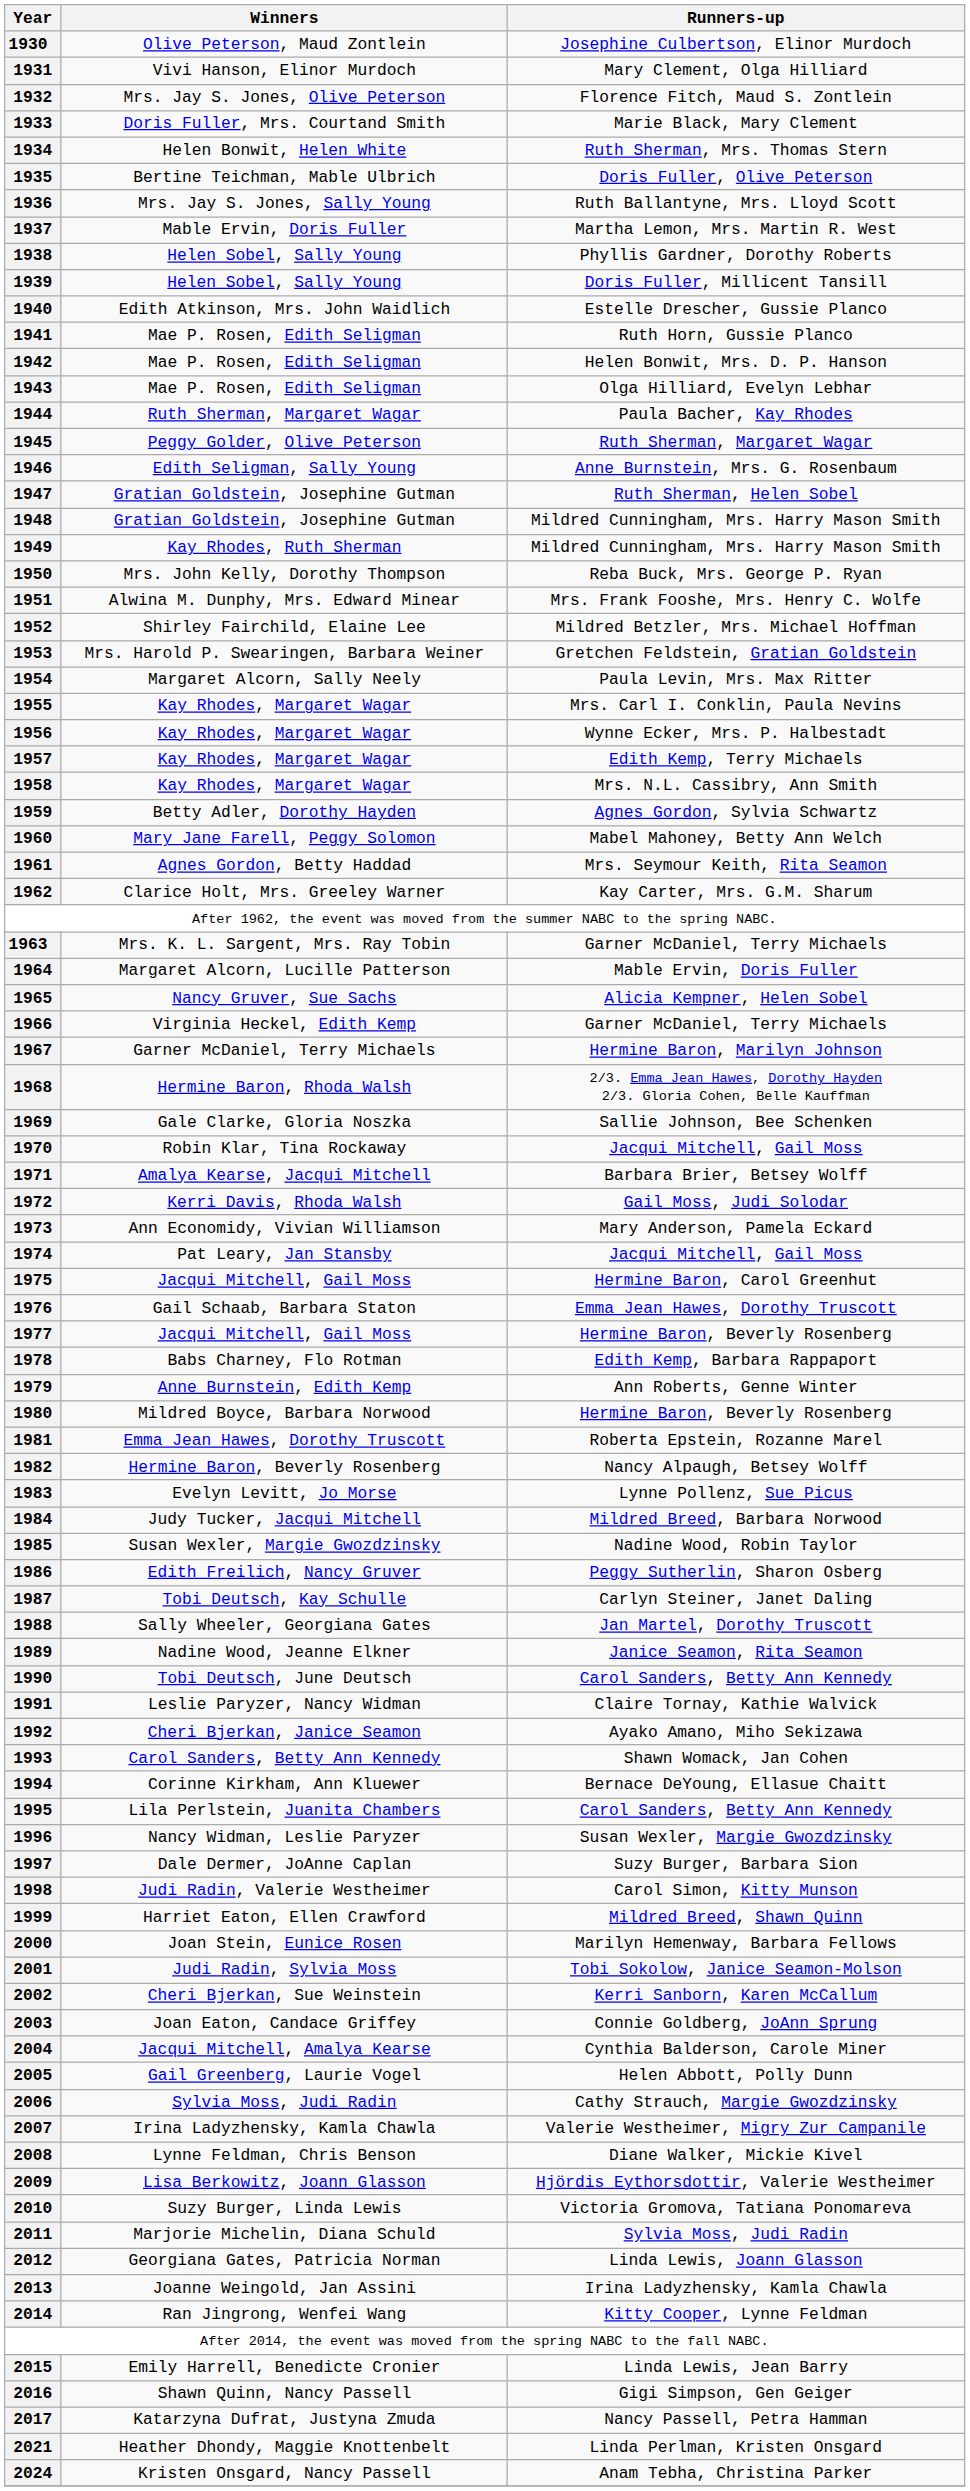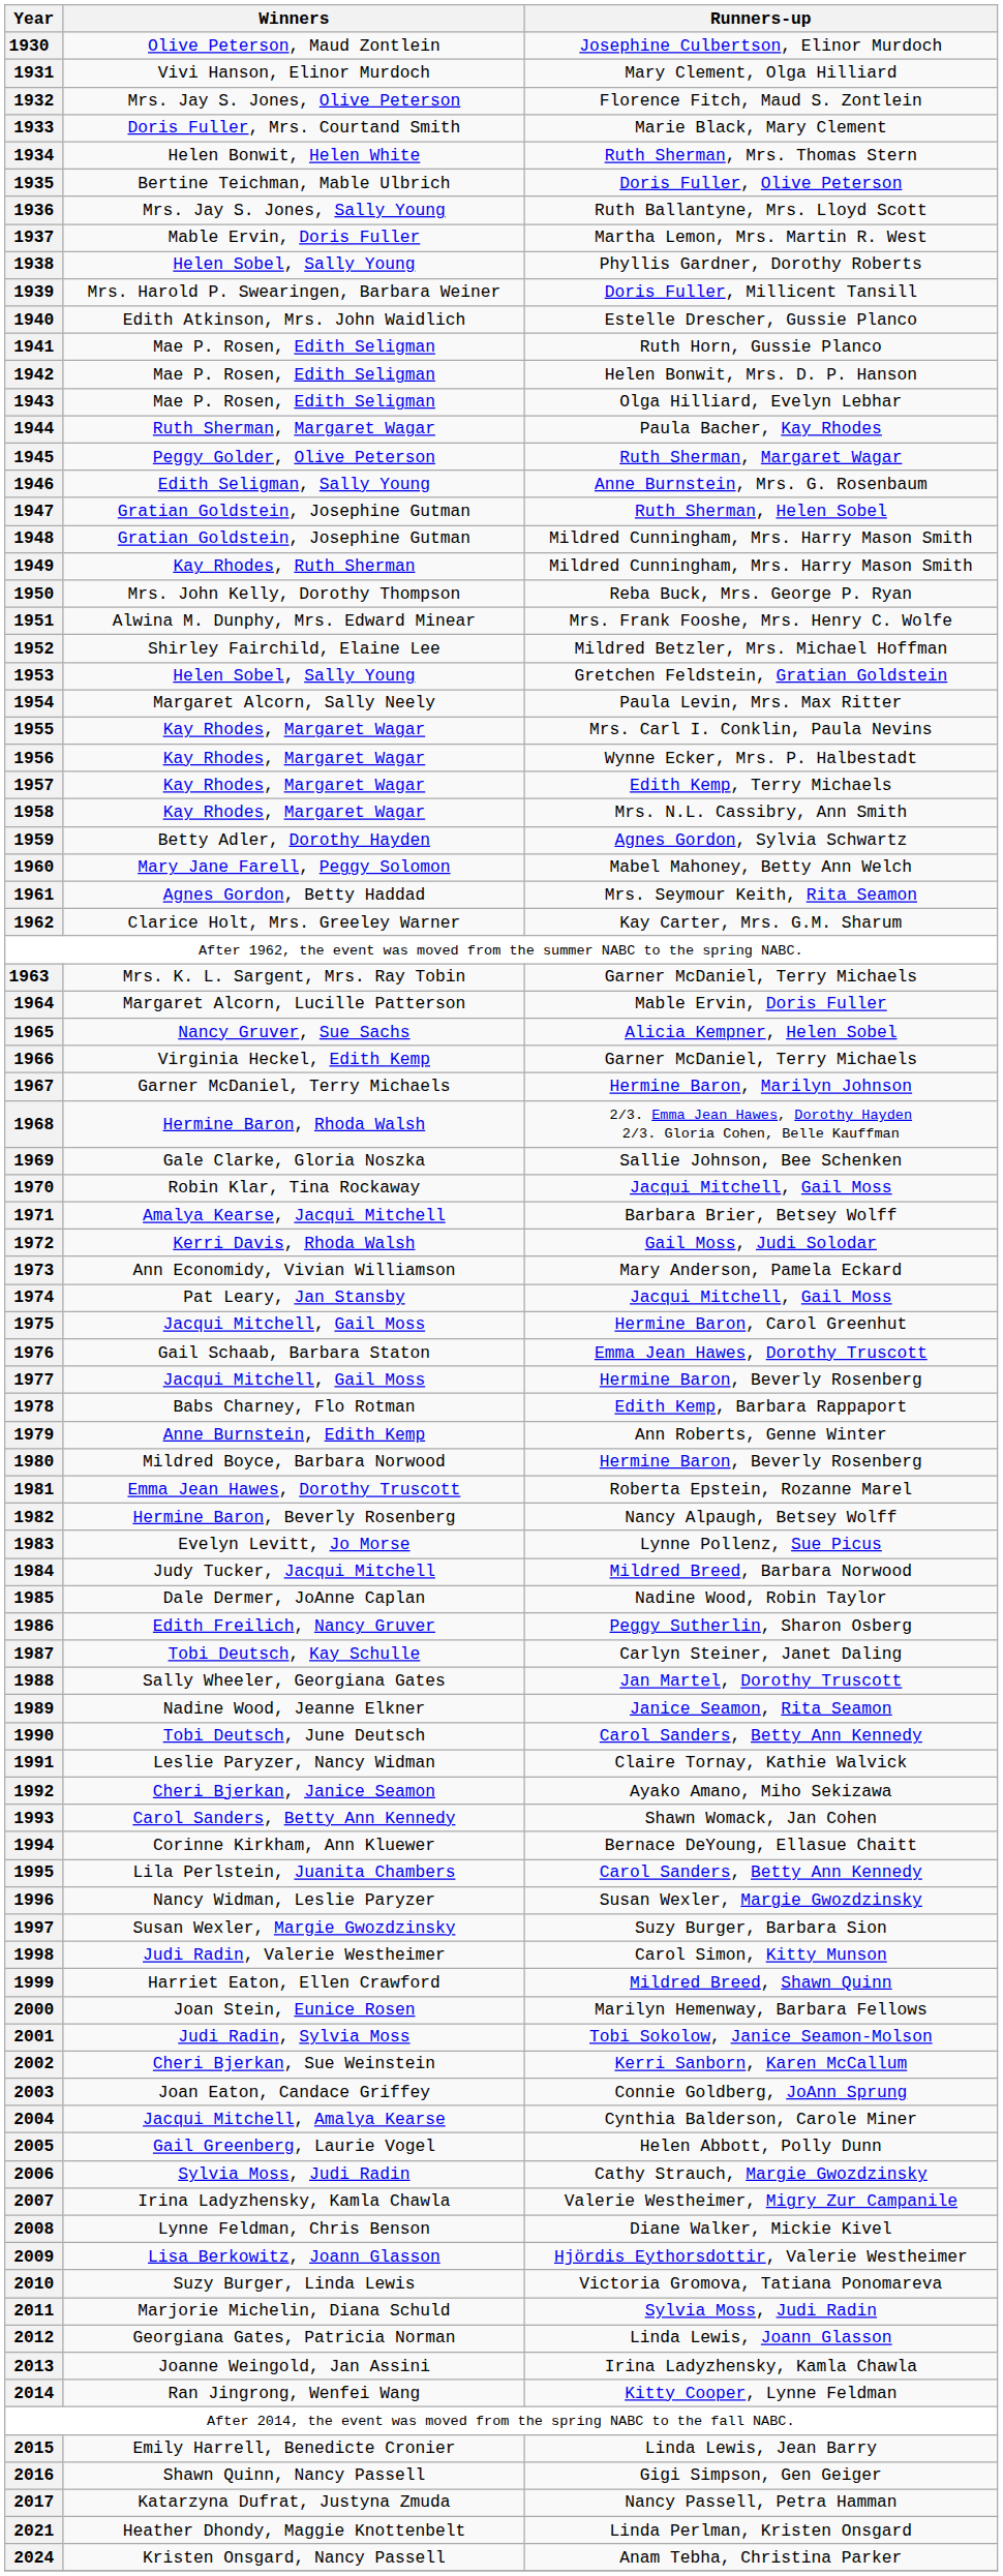 <table class="sortable wikitable" style="text-align:center">
 <tr>
 <th>Year</th>
 <th>Winners</th>
 <th>Runners-up</th>
 </tr>
 <tr>
 <th>1930 </th>
 <td><a href='#'>Olive Peterson</a>, Maud Zontlein</td>
 <td><a href='#'>Josephine Culbertson</a>, Elinor Murdoch</td>
 </tr>
 <tr>
 <th>1931</th>
 <td>Vivi Hanson, Elinor Murdoch</td>
 <td>Mary Clement, Olga Hilliard</td>
 </tr>
 <tr>
 <th>1932</th>
 <td>Mrs. Jay S. Jones, <a href='#'>Olive Peterson</a></td>
 <td>Florence Fitch, Maud S. Zontlein</td>
 </tr>
 <tr>
 <th>1933</th>
 <td><a href='#'>Doris Fuller</a>, Mrs. Courtand Smith</td>
 <td>Marie Black, Mary Clement</td>
 </tr>
 <tr>
 <th>1934</th>
 <td>Helen Bonwit, <a href='#'>Helen White</a></td>
 <td><a href='#'>Ruth Sherman</a>, Mrs. Thomas Stern</td>
 </tr>
 <tr>
 <th>1935</th>
 <td>Bertine Teichman, Mable Ulbrich</td>
 <td><a href='#'>Doris Fuller</a>, <a href='#'>Olive Peterson</a></td>
 </tr>
 <tr>
 <th>1936</th>
 <td>Mrs. Jay S. Jones, <a href='#'>Sally Young</a></td>
 <td>Ruth Ballantyne, Mrs. Lloyd Scott</td>
 </tr>
 <tr>
 <th>1937</th>
 <td>Mable Ervin, <a href='#'>Doris Fuller</a></td>
 <td>Martha Lemon, Mrs. Martin R. West</td>
 </tr>
 <tr>
 <th>1938</th>
 <td><a href='#'>Helen Sobel</a>, <a href='#'>Sally Young</a></td>
 <td>Phyllis Gardner, Dorothy Roberts</td>
 </tr>
 <tr>
 <th>1939</th>
-<td><a href='#'>Helen Sobel</a>, <a href='#'>Sally Young</a></td>
+<td>  Mrs. Harold P. Swearingen, Barbara Weiner  </td>
 <td><a href='#'>Doris Fuller</a>, Millicent Tansill</td>
 </tr>
 <tr>
 <th>1940</th>
 <td>Edith Atkinson, Mrs. John Waidlich</td>
 <td>Estelle Drescher, Gussie Planco</td>
 </tr>
 <tr>
 <th>1941</th>
 <td>Mae P. Rosen, <a href='#'>Edith Seligman</a></td>
 <td>Ruth Horn, Gussie Planco</td>
 </tr>
 <tr>
 <th>1942</th>
 <td>Mae P. Rosen, <a href='#'>Edith Seligman</a></td>
 <td>Helen Bonwit, Mrs. D. P. Hanson</td>
 </tr>
 <tr>
 <th>1943</th>
 <td>Mae P. Rosen, <a href='#'>Edith Seligman</a></td>
 <td>Olga Hilliard, Evelyn Lebhar</td>
 </tr>
 <tr>
 <th>1944</th>
 <td><a href='#'>Ruth Sherman</a>, <a href='#'>Margaret Wagar</a></td>
 <td>Paula Bacher, <a href='#'>Kay Rhodes</a></td>
 </tr>
 <tr>
 <th>1945</th>
 <td><a href='#'>Peggy Golder</a>, <a href='#'>Olive Peterson</a></td>
 <td><a href='#'>Ruth Sherman</a>, <a href='#'>Margaret Wagar</a></td>
 </tr>
 <tr>
 <th>1946</th>
 <td><a href='#'>Edith Seligman</a>, <a href='#'>Sally Young</a></td>
 <td><a href='#'>Anne Burnstein</a>, Mrs. G. Rosenbaum</td>
 </tr>
 <tr>
 <th>1947</th>
 <td><a href='#'>Gratian Goldstein</a>, Josephine Gutman</td>
 <td><a href='#'>Ruth Sherman</a>, <a href='#'>Helen Sobel</a></td>
 </tr>
 <tr>
 <th>1948</th>
 <td><a href='#'>Gratian Goldstein</a>, Josephine Gutman</td>
 <td>Mildred Cunningham, Mrs. Harry Mason Smith</td>
 </tr>
 <tr>
 <th>1949</th>
 <td><a href='#'>Kay Rhodes</a>, <a href='#'>Ruth Sherman</a></td>
 <td>  Mildred Cunningham, Mrs. Harry Mason Smith  </td>
 </tr>
 <tr>
 <th>1950</th>
 <td>Mrs. John Kelly, Dorothy Thompson</td>
 <td>Reba Buck, Mrs. George P. Ryan</td>
 </tr>
 <tr>
 <th>1951</th>
 <td>Alwina M. Dunphy, Mrs. Edward Minear</td>
 <td>Mrs. Frank Fooshe, Mrs. Henry C. Wolfe</td>
 </tr>
 <tr>
 <th>1952</th>
 <td>Shirley Fairchild, Elaine Lee</td>
 <td>Mildred Betzler, Mrs. Michael Hoffman</td>
 </tr>
 <tr>
 <th>1953</th>
-<td>  Mrs. Harold P. Swearingen, Barbara Weiner  </td>
+<td><a href='#'>Helen Sobel</a>, <a href='#'>Sally Young</a></td>
 <td>Gretchen Feldstein, <a href='#'>Gratian Goldstein</a></td>
 </tr>
 <tr>
 <th>1954</th>
 <td>Margaret Alcorn, Sally Neely</td>
 <td>Paula Levin, Mrs. Max Ritter</td>
 </tr>
 <tr>
 <th>1955</th>
 <td><a href='#'>Kay Rhodes</a>, <a href='#'>Margaret Wagar</a></td>
 <td>Mrs. Carl I. Conklin, Paula Nevins</td>
 </tr>
 <tr>
 <th>1956</th>
 <td><a href='#'>Kay Rhodes</a>, <a href='#'>Margaret Wagar</a></td>
 <td>Wynne Ecker, Mrs. P. Halbestadt</td>
 </tr>
 <tr>
 <th>1957</th>
 <td><a href='#'>Kay Rhodes</a>, <a href='#'>Margaret Wagar</a></td>
 <td><a href='#'>Edith Kemp</a>, Terry Michaels</td>
 </tr>
 <tr>
 <th>1958</th>
 <td><a href='#'>Kay Rhodes</a>, <a href='#'>Margaret Wagar</a></td>
 <td>Mrs. N.L. Cassibry, Ann Smith</td>
 </tr>
 <tr>
 <th>1959</th>
 <td>Betty Adler, <a href='#'>Dorothy Hayden</a></td>
 <td><a href='#'>Agnes Gordon</a>, Sylvia Schwartz</td>
 </tr>
 <tr>
 <th>1960</th>
 <td><a href='#'>Mary Jane Farell</a>, <a href='#'>Peggy Solomon</a></td>
 <td>Mabel Mahoney, Betty Ann Welch</td>
 </tr>
 <tr>
 <th>1961</th>
 <td><a href='#'>Agnes Gordon</a>, Betty Haddad</td>
 <td>Mrs. Seymour Keith, <a href='#'>Rita Seamon</a></td>
 </tr>
 <tr>
 <th>1962</th>
 <td>Clarice Holt, Mrs. Greeley Warner</td>
 <td>Kay Carter, Mrs. G.M. Sharum</td>
 </tr>
 <tr>
 <td colspan=3 bgcolor=FFFFFF><small>After 1962, the event was moved from the summer NABC to the spring NABC.</small></td>
 </tr>
 <tr>
 <th>1963 </th>
 <td>Mrs. K. L. Sargent, Mrs. Ray Tobin</td>
 <td>Garner McDaniel, Terry Michaels</td>
 </tr>
 <tr>
 <th>1964</th>
 <td>Margaret Alcorn, Lucille Patterson</td>
 <td>Mable Ervin, <a href='#'>Doris Fuller</a></td>
 </tr>
 <tr>
 <th>1965</th>
 <td><a href='#'>Nancy Gruver</a>, <a href='#'>Sue Sachs</a></td>
 <td><a href='#'>Alicia Kempner</a>, <a href='#'>Helen Sobel</a></td>
 </tr>
 <tr>
 <th>1966</th>
 <td>Virginia Heckel, <a href='#'>Edith Kemp</a></td>
 <td>Garner McDaniel, Terry Michaels</td>
 </tr>
 <tr>
 <th>1967</th>
 <td>Garner McDaniel, Terry Michaels</td>
 <td><a href='#'>Hermine Baron</a>, <a href='#'>Marilyn Johnson</a></td>
 </tr>
 <tr>
 <th>1968</th>
 <td><a href='#'>Hermine Baron</a>, <a href='#'>Rhoda Walsh</a></td>
 <td><small>2/3. <a href='#'>Emma Jean Hawes</a>, <a href='#'>Dorothy Hayden</a> <br>2/3. Gloria Cohen, Belle Kauffman</small></td>
 </tr>
 <tr>
 <th>1969</th>
 <td>Gale Clarke, Gloria Noszka</td>
 <td>Sallie Johnson, Bee Schenken</td>
 </tr>
 <tr>
 <th>1970</th>
 <td>Robin Klar, Tina Rockaway</td>
 <td><a href='#'>Jacqui Mitchell</a>, <a href='#'>Gail Moss</a></td>
 </tr>
 <tr>
 <th>1971</th>
 <td><a href='#'>Amalya Kearse</a>, <a href='#'>Jacqui Mitchell</a></td>
 <td>Barbara Brier, Betsey Wolff</td>
 </tr>
 <tr>
 <th>1972</th>
 <td><a href='#'>Kerri Davis</a>, <a href='#'>Rhoda Walsh</a></td>
 <td><a href='#'>Gail Moss</a>, <a href='#'>Judi Solodar</a></td>
 </tr>
 <tr>
 <th>1973</th>
 <td>Ann Economidy, Vivian Williamson</td>
 <td>Mary Anderson, Pamela Eckard</td>
 </tr>
 <tr>
 <th>1974</th>
 <td>Pat Leary, <a href='#'>Jan Stansby</a></td>
 <td><a href='#'>Jacqui Mitchell</a>, <a href='#'>Gail Moss</a></td>
 </tr>
 <tr>
 <th>1975</th>
 <td><a href='#'>Jacqui Mitchell</a>, <a href='#'>Gail Moss</a></td>
 <td><a href='#'>Hermine Baron</a>, Carol Greenhut</td>
 </tr>
 <tr>
 <th>1976</th>
 <td>Gail Schaab, Barbara Staton</td>
 <td>  <a href='#'>Emma Jean Hawes</a>, <a href='#'>Dorothy Truscott</a>  </td>
 </tr>
 <tr>
 <th>1977</th>
 <td><a href='#'>Jacqui Mitchell</a>, <a href='#'>Gail Moss</a></td>
 <td><a href='#'>Hermine Baron</a>, Beverly Rosenberg</td>
 </tr>
 <tr>
 <th>1978</th>
 <td>Babs Charney, Flo Rotman</td>
 <td><a href='#'>Edith Kemp</a>, Barbara Rappaport</td>
 </tr>
 <tr>
 <th>1979</th>
 <td><a href='#'>Anne Burnstein</a>, <a href='#'>Edith Kemp</a></td>
 <td>Ann Roberts, Genne Winter</td>
 </tr>
 <tr>
 <th>1980</th>
 <td>Mildred Boyce, Barbara Norwood</td>
 <td><a href='#'>Hermine Baron</a>, Beverly Rosenberg</td>
 </tr>
 <tr>
 <th>1981</th>
 <td>  <a href='#'>Emma Jean Hawes</a>, <a href='#'>Dorothy Truscott</a>  </td>
 <td>Roberta Epstein, Rozanne Marel</td>
 </tr>
 <tr>
 <th>1982</th>
 <td><a href='#'>Hermine Baron</a>, Beverly Rosenberg</td>
 <td>Nancy Alpaugh, Betsey Wolff</td>
 </tr>
 <tr>
 <th>1983</th>
 <td>Evelyn Levitt, <a href='#'>Jo Morse</a></td>
 <td>Lynne Pollenz, <a href='#'>Sue Picus</a></td>
 </tr>
 <tr>
 <th>1984</th>
 <td>Judy Tucker, <a href='#'>Jacqui Mitchell</a></td>
 <td><a href='#'>Mildred Breed</a>, Barbara Norwood</td>
 </tr>
 <tr>
 <th>1985</th>
-<td>Susan Wexler, <a href='#'>Margie Gwozdzinsky</a></td>
+<td>Dale Dermer, JoAnne Caplan</td>
 <td>Nadine Wood, Robin Taylor</td>
 </tr>
 <tr>
 <th>1986</th>
 <td><a href='#'>Edith Freilich</a>, <a href='#'>Nancy Gruver</a></td>
 <td><a href='#'>Peggy Sutherlin</a>, Sharon Osberg</td>
 </tr>
 <tr>
 <th>1987</th>
 <td><a href='#'>Tobi Deutsch</a>, <a href='#'>Kay Schulle</a></td>
 <td>Carlyn Steiner, Janet Daling</td>
 </tr>
 <tr>
 <th>1988</th>
 <td>Sally Wheeler, Georgiana Gates</td>
 <td><a href='#'>Jan Martel</a>, <a href='#'>Dorothy Truscott</a></td>
 </tr>
 <tr>
 <th>1989</th>
 <td>Nadine Wood, Jeanne Elkner</td>
 <td><a href='#'>Janice Seamon</a>, <a href='#'>Rita Seamon</a></td>
 </tr>
 <tr>
 <th>1990</th>
 <td><a href='#'>Tobi Deutsch</a>, June Deutsch</td>
 <td><a href='#'>Carol Sanders</a>, <a href='#'>Betty Ann Kennedy</a></td>
 </tr>
 <tr>
 <th>1991</th>
 <td>Leslie Paryzer, Nancy Widman</td>
 <td>Claire Tornay, Kathie Walvick</td>
 </tr>
 <tr>
 <th>1992</th>
 <td><a href='#'>Cheri Bjerkan</a>, <a href='#'>Janice Seamon</a></td>
 <td>Ayako Amano, Miho Sekizawa</td>
 </tr>
 <tr>
 <th>1993</th>
 <td><a href='#'>Carol Sanders</a>, <a href='#'>Betty Ann Kennedy</a></td>
 <td>Shawn Womack, Jan Cohen</td>
 </tr>
 <tr>
 <th>1994</th>
 <td>Corinne Kirkham, Ann Kluewer</td>
 <td>Bernace DeYoung, Ellasue Chaitt</td>
 </tr>
 <tr>
 <th>1995</th>
 <td>Lila Perlstein, <a href='#'>Juanita Chambers</a></td>
 <td><a href='#'>Carol Sanders</a>, <a href='#'>Betty Ann Kennedy</a></td>
 </tr>
 <tr>
 <th>1996</th>
 <td>Nancy Widman, Leslie Paryzer</td>
 <td>Susan Wexler, <a href='#'>Margie Gwozdzinsky</a></td>
 </tr>
 <tr>
 <th>1997</th>
-<td>Dale Dermer, JoAnne Caplan</td>
+<td>Susan Wexler, <a href='#'>Margie Gwozdzinsky</a></td>
 <td>Suzy Burger, Barbara Sion</td>
 </tr>
 <tr>
 <th>1998</th>
 <td><a href='#'>Judi Radin</a>, Valerie Westheimer</td>
 <td>Carol Simon, <a href='#'>Kitty Munson</a></td>
 </tr>
 <tr>
 <th>1999</th>
 <td>Harriet Eaton, Ellen Crawford</td>
 <td><a href='#'>Mildred Breed</a>, <a href='#'>Shawn Quinn</a></td>
 </tr>
 <tr>
 <th>2000</th>
 <td>Joan Stein, <a href='#'>Eunice Rosen</a></td>
 <td>Marilyn Hemenway, Barbara Fellows</td>
 </tr>
 <tr>
 <th>2001</th>
 <td><a href='#'>Judi Radin</a>, <a href='#'>Sylvia Moss</a></td>
 <td><a href='#'>Tobi Sokolow</a>, <a href='#'>Janice Seamon-Molson</a></td>
 </tr>
 <tr>
 <th>2002</th>
 <td><a href='#'>Cheri Bjerkan</a>, Sue Weinstein</td>
 <td><a href='#'>Kerri Sanborn</a>, <a href='#'>Karen McCallum</a></td>
 </tr>
 <tr>
 <th>2003</th>
 <td>Joan Eaton, Candace Griffey</td>
 <td>Connie Goldberg, <a href='#'>JoAnn Sprung</a></td>
 </tr>
 <tr>
 <th>2004</th>
 <td><a href='#'>Jacqui Mitchell</a>, <a href='#'>Amalya Kearse</a></td>
 <td>Cynthia Balderson, Carole Miner</td>
 </tr>
 <tr>
 <th>2005</th>
 <td><a href='#'>Gail Greenberg</a>, Laurie Vogel</td>
 <td>Helen Abbott, Polly Dunn</td>
 </tr>
 <tr>
 <th>2006</th>
 <td><a href='#'>Sylvia Moss</a>, <a href='#'>Judi Radin</a></td>
 <td>Cathy Strauch, <a href='#'>Margie Gwozdzinsky</a></td>
 </tr>
 <tr>
 <th>2007</th>
 <td>Irina Ladyzhensky, Kamla Chawla</td>
 <td>Valerie Westheimer, <a href='#'>Migry Zur Campanile</a></td>
 </tr>
 <tr>
 <th>2008</th>
 <td>Lynne Feldman, Chris Benson</td>
 <td>Diane Walker, Mickie Kivel</td>
 </tr>
 <tr>
 <th>2009</th>
 <td><a href='#'>Lisa Berkowitz</a>, <a href='#'>Joann Glasson</a></td>
 <td><a href='#'>Hjördis Eythorsdottir</a>, Valerie Westheimer</td>
 </tr>
 <tr>
 <th>2010</th>
 <td>Suzy Burger, Linda Lewis</td>
 <td>Victoria Gromova, Tatiana Ponomareva</td>
 </tr>
 <tr>
 <th>2011</th>
 <td>Marjorie Michelin, Diana Schuld</td>
 <td><a href='#'>Sylvia Moss</a>, <a href='#'>Judi Radin</a></td>
 </tr>
 <tr>
 <th>2012</th>
 <td>Georgiana Gates, Patricia Norman</td>
 <td>Linda Lewis, <a href='#'>Joann Glasson</a></td>
 </tr>
 <tr>
 <th>2013</th>
 <td>Joanne Weingold, Jan Assini</td>
 <td>Irina Ladyzhensky, Kamla Chawla</td>
 </tr>
 <tr>
 <th>2014</th>
 <td>Ran Jingrong, Wenfei Wang</td>
 <td><a href='#'>Kitty Cooper</a>, Lynne Feldman</td>
 </tr>
 <tr>
 <td colspan=3 bgcolor=FFFFFF><small>After 2014, the event was moved from the spring NABC to the fall NABC.</small></td>
 </tr>
 <tr>
 <th>2015</th>
 <td>Emily Harrell, Benedicte Cronier</td>
 <td>Linda Lewis, Jean Barry</td>
 </tr>
 <tr>
 <th>2016</th>
 <td>Shawn Quinn, Nancy Passell</td>
 <td>Gigi Simpson, Gen Geiger</td>
 </tr>
 <tr>
 <th>2017</th>
 <td>Katarzyna Dufrat, Justyna Zmuda</td>
 <td>Nancy Passell, Petra Hamman</td>
 </tr>
 <tr>
 <th>2021</th>
 <td>Heather Dhondy, Maggie Knottenbelt</td>
 <td>Linda Perlman, Kristen Onsgard</td>
 </tr>
 <tr>
 <th>2024</th>
 <td>Kristen Onsgard, Nancy Passell</td>
 <td>Anam Tebha, Christina Parker</td>
 </tr>
 <tr>
 </tr>
 </table>
